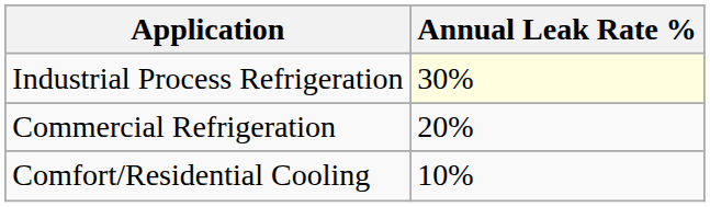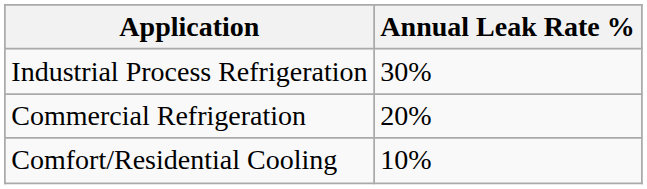 <table class=wikitable>
 <tr>
 <th>Application</th>
 <th>Annual Leak Rate %</th>
 </tr>
 <tr>
 <td>Industrial Process Refrigeration</td>
-<td style="background: lightyellow;">30%</td>
+<td>30%</td>
 </tr>
 <tr>
 <td>Commercial Refrigeration</td>
 <td>20%</td>
 </tr>
 <tr>
 <td>Comfort/Residential Cooling</td>
 <td>10%</td>
 </tr>
 </table>
